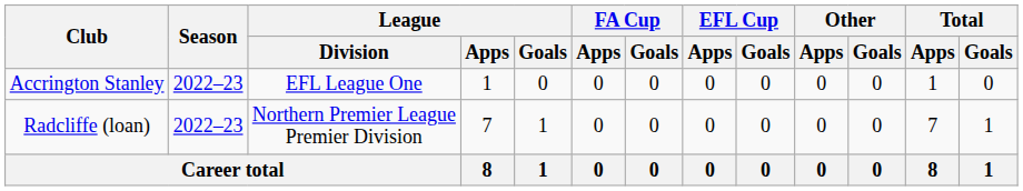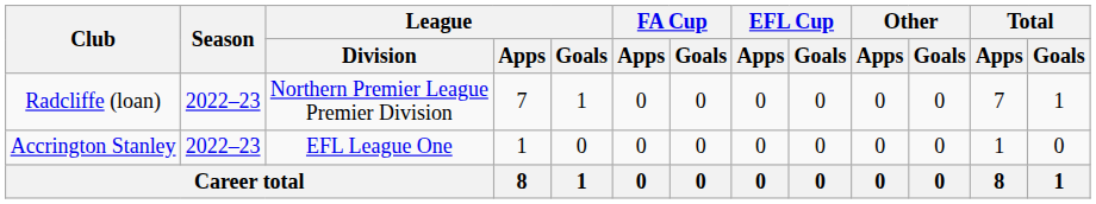 <table class="wikitable" style="text-align:center;">
 <tr>
 <th rowspan="2">Club</th>
 <th rowspan="2">Season</th>
 <th colspan="3">League</th>
 <th colspan="2"><a href='#'>FA Cup</a></th>
 <th colspan="2"><a href='#'>EFL Cup</a></th>
 <th colspan="2">Other</th>
 <th colspan="2">Total</th>
 </tr>
 <tr>
 <th>Division</th>
 <th>Apps</th>
 <th>Goals</th>
 <th>Apps</th>
 <th>Goals</th>
 <th>Apps</th>
 <th>Goals</th>
 <th>Apps</th>
 <th>Goals</th>
 <th>Apps</th>
 <th>Goals</th>
 </tr>
 <tr>
+<td><a href='#'>Radcliffe</a> (loan)</td>
+<td><a href='#'>2022–23</a></td>
+<td><a href='#'>Northern Premier League</a><br>Premier Division</td>
+<td>7</td>
+<td>1</td>
+<td>0</td>
+<td>0</td>
+<td>0</td>
+<td>0</td>
+<td>0</td>
+<td>0</td>
+<td>7</td>
+<td>1</td>
+</tr>
+<tr>
 <td><a href='#'>Accrington Stanley</a></td>
 <td><a href='#'>2022–23</a></td>
 <td><a href='#'>EFL League One</a></td>
 <td>1</td>
 <td>0</td>
 <td>0</td>
 <td>0</td>
 <td>0</td>
 <td>0</td>
 <td>0</td>
 <td>0</td>
 <td>1</td>
 <td>0</td>
 </tr>
 <tr>
-<td><a href='#'>Radcliffe</a> (loan)</td>
-<td><a href='#'>2022–23</a></td>
-<td><a href='#'>Northern Premier League</a><br>Premier Division</td>
-<td>7</td>
-<td>1</td>
-<td>0</td>
-<td>0</td>
-<td>0</td>
-<td>0</td>
-<td>0</td>
-<td>0</td>
-<td>7</td>
-<td>1</td>
-</tr>
-<tr>
 <th colspan="3">Career total</th>
 <th>8</th>
 <th>1</th>
 <th>0</th>
 <th>0</th>
 <th>0</th>
 <th>0</th>
 <th>0</th>
 <th>0</th>
 <th>8</th>
 <th>1</th>
 </tr>
 </table>
